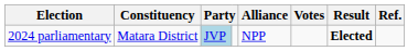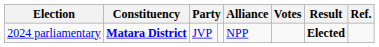 <table class="wikitable" style="text-align:left;">
 <tr>
 <th scope=col>Election</th>
 <th scope=col>Constituency</th>
 <th scope=col colspan="2">Party</th>
 <th scope=col>Alliance</th>
 <th scope=col>Votes</th>
 <th scope=col>Result</th>
 <th scope=col>Ref.</th>
 </tr>
 <tr>
 <td><a href='#'>2024 parliamentary</a></td>
-<td><a href='#'>Matara District</a></td>
-<td style="background: lightblue;"><a href='#'>JVP</a></td>
+<td><strong><a href='#'>Matara District</a></strong></td>
+<td><a href='#'>JVP</a></td>
 <td rowspan="8" style="background:"></td>
 <td><a href='#'>NPP</a></td>
 <td align=right></td>
 <td><strong>Elected</strong></td>
 <td></td>
 </tr>
 </table>
